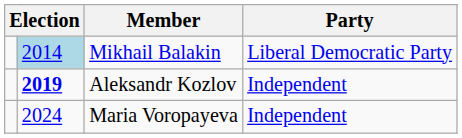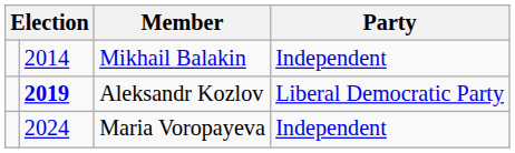 <table class="wikitable">
 <tr>
 <th colspan="2">Election</th>
 <th>Member</th>
 <th>Party</th>
 </tr>
 <tr>
 <td style="background-color:"></td>
-<td style="background: lightblue;"><a href='#'>2014</a></td>
+<td><a href='#'>2014</a></td>
 <td><a href='#'>Mikhail Balakin</a></td>
-<td><a href='#'>Liberal Democratic Party</a></td>
+<td><a href='#'>Independent</a></td>
 </tr>
 <tr>
 <td style="background-color:"></td>
 <td><strong><a href='#'>2019</a></strong></td>
 <td>Aleksandr Kozlov</td>
-<td><a href='#'>Independent</a></td>
+<td><a href='#'>Liberal Democratic Party</a></td>
 </tr>
 <tr>
 <td style="background-color:"></td>
 <td><a href='#'>2024</a></td>
 <td>Maria Voropayeva</td>
 <td><a href='#'>Independent</a></td>
 </tr>
 </table>
